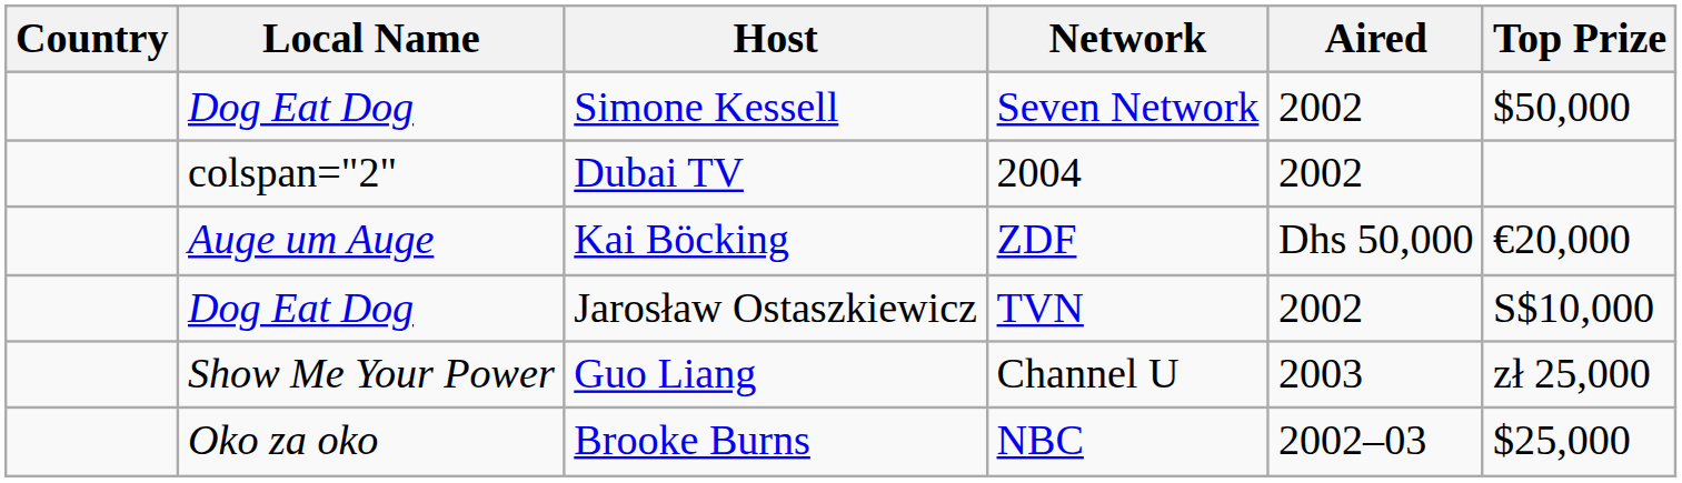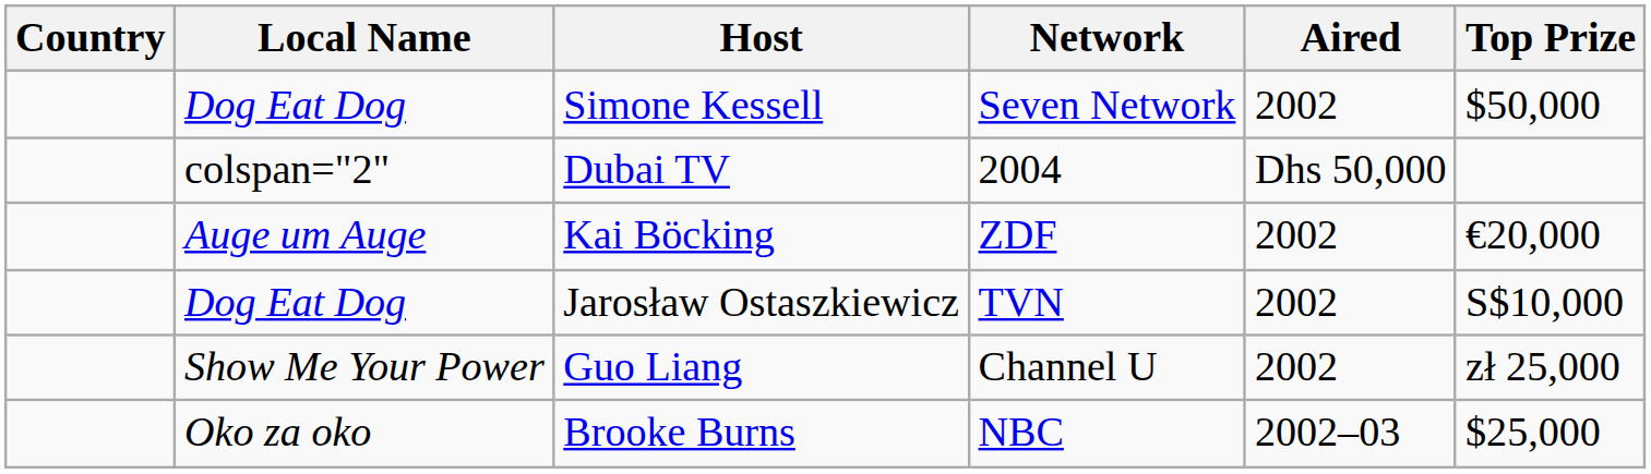 <table class="wikitable" style="width=98%;">
 <tr>
 <th>Country</th>
 <th>Local Name</th>
 <th>Host</th>
 <th>Network</th>
 <th>Aired</th>
 <th>Top Prize</th>
 </tr>
 <tr>
 <td></td>
 <td><em><a href='#'>Dog Eat Dog</a></em></td>
 <td><a href='#'>Simone Kessell</a></td>
 <td><a href='#'>Seven Network</a></td>
 <td>2002</td>
 <td>$50,000</td>
 </tr>
 <tr>
 <td></td>
 <td>colspan="2" </td>
 <td><a href='#'>Dubai TV</a></td>
 <td>2004</td>
-<td>2002</td>
+<td>Dhs 50,000</td>
 </tr>
 <tr>
 <td></td>
 <td><em><a href='#'>Auge um Auge</a></em></td>
 <td><a href='#'>Kai Böcking</a></td>
 <td><a href='#'>ZDF</a></td>
-<td>Dhs 50,000</td>
+<td>2002</td>
 <td>€20,000</td>
 </tr>
 <tr>
 <td></td>
 <td><em><a href='#'>Dog Eat Dog</a></em></td>
 <td>Jarosław Ostaszkiewicz</td>
 <td><a href='#'>TVN</a></td>
 <td>2002</td>
 <td>S$10,000</td>
 </tr>
 <tr>
 <td></td>
 <td><em>Show Me Your Power</em></td>
 <td><a href='#'>Guo Liang</a></td>
 <td>Channel U</td>
-<td>2003</td>
+<td>2002</td>
 <td>zł 25,000</td>
 </tr>
 <tr>
 <td></td>
 <td><em>Oko za oko</em></td>
 <td><a href='#'>Brooke Burns</a></td>
 <td><a href='#'>NBC</a></td>
 <td>2002–03</td>
 <td>$25,000</td>
 </tr>
 </table>
